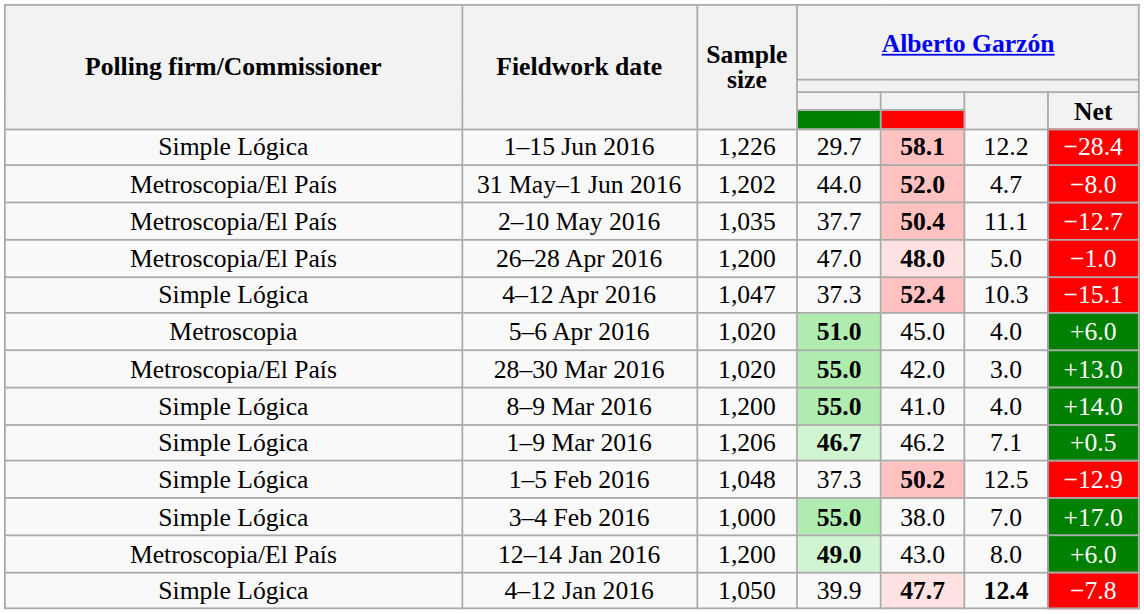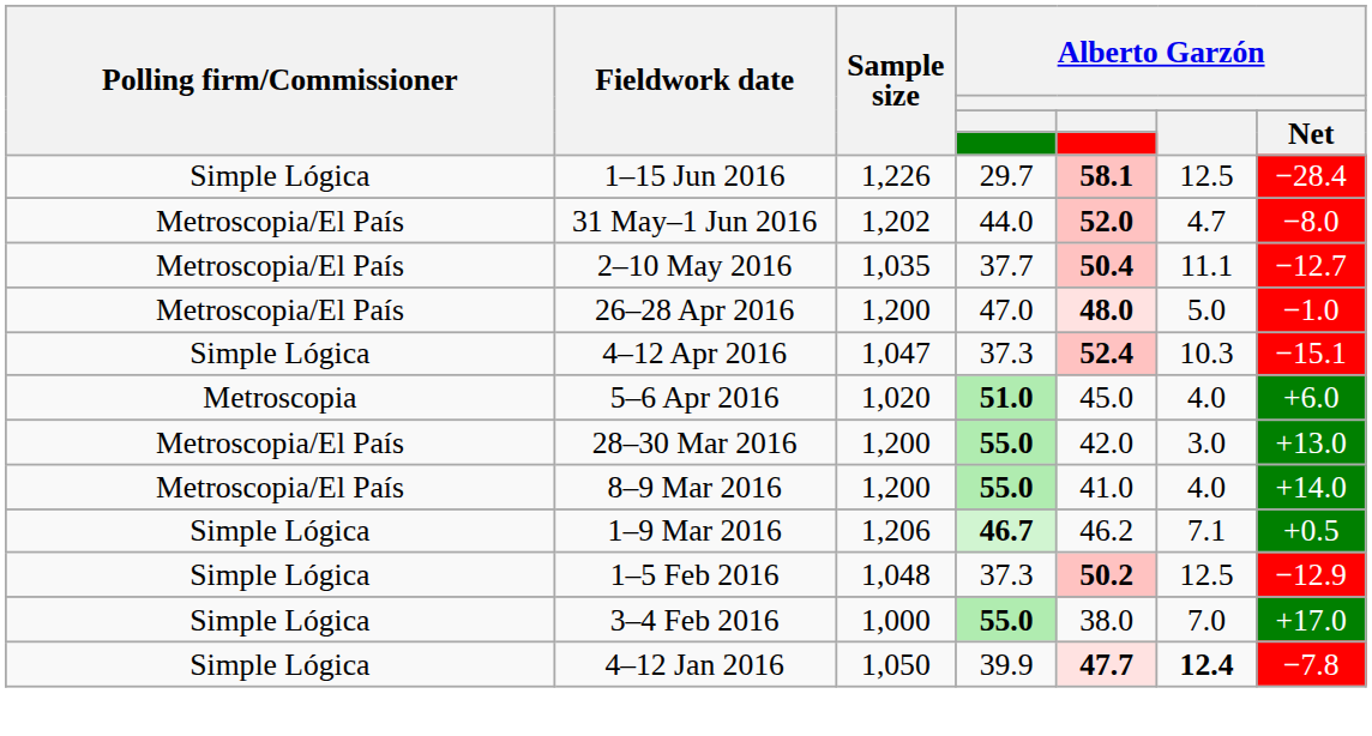 <table class="wikitable collapsible collapsed" style="text-align:center; font-size:90%; line-height:14px;">
 <tr style="height:42px;">
 <th style="width:250px;" rowspan="4">Polling firm/Commissioner</th>
 <th style="width:125px;" rowspan="4">Fieldwork date</th>
 <th style="width:50px;" rowspan="4">Sample size</th>
 <th style="width:185px;" colspan="4"><a href='#'>Alberto Garzón</a><br></th>
 </tr>
 <tr>
 <th colspan="4" style="background:"></th>
 </tr>
 <tr>
 <th style="width:30px;"></th>
 <th style="width:30px;"></th>
 <th style="width:30px;" rowspan="2"></th>
 <th style="width:30px;" rowspan="2">Net</th>
 </tr>
 <tr>
 <th style="color:inherit;background:#008000;"></th>
 <th style="color:inherit;background:#FF0000;"></th>
 </tr>
 <tr>
 <td>Simple Lógica</td>
 <td>1–15 Jun 2016</td>
 <td>1,226</td>
 <td>29.7</td>
 <td style="background:#FFC2C1;"><strong>58.1</strong></td>
-<td>12.2</td>
+<td>12.5</td>
 <td style="background:#FF0000; color:white;">−28.4</td>
 </tr>
 <tr>
 <td>Metroscopia/El País</td>
 <td>31 May–1 Jun 2016</td>
 <td>1,202</td>
 <td>44.0</td>
 <td style="background:#FFC2C1;"><strong>52.0</strong></td>
 <td>4.7</td>
 <td style="background:#FF0000; color:white;">−8.0</td>
 </tr>
 <tr>
 <td>Metroscopia/El País</td>
 <td>2–10 May 2016</td>
 <td>1,035</td>
 <td>37.7</td>
 <td style="background:#FFC2C1;"><strong>50.4</strong></td>
 <td>11.1</td>
 <td style="background:#FF0000; color:white;">−12.7</td>
 </tr>
 <tr>
 <td>Metroscopia/El País</td>
 <td>26–28 Apr 2016</td>
 <td>1,200</td>
 <td>47.0</td>
 <td style="background:#FFE2E1;"><strong>48.0</strong></td>
 <td>5.0</td>
 <td style="background:#FF0000; color:white;">−1.0</td>
 </tr>
 <tr>
 <td>Simple Lógica</td>
 <td>4–12 Apr 2016</td>
 <td>1,047</td>
 <td>37.3</td>
 <td style="background:#FFC2C1;"><strong>52.4</strong></td>
 <td>10.3</td>
 <td style="background:#FF0000; color:white;">−15.1</td>
 </tr>
 <tr>
 <td>Metroscopia</td>
 <td>5–6 Apr 2016</td>
 <td>1,020</td>
 <td style="background:#B0ECB0;"><strong>51.0</strong></td>
 <td>45.0</td>
 <td>4.0</td>
 <td style="background:#008000; color:white;">+6.0</td>
 </tr>
 <tr>
 <td>Metroscopia/El País</td>
 <td>28–30 Mar 2016</td>
-<td>1,020</td>
+<td>1,200</td>
 <td style="background:#B0ECB0;"><strong>55.0</strong></td>
 <td>42.0</td>
 <td>3.0</td>
 <td style="background:#008000; color:white;">+13.0</td>
 </tr>
 <tr>
-<td>Simple Lógica</td>
+<td>Metroscopia/El País</td>
 <td>8–9 Mar 2016</td>
 <td>1,200</td>
 <td style="background:#B0ECB0;"><strong>55.0</strong></td>
 <td>41.0</td>
 <td>4.0</td>
 <td style="background:#008000; color:white;">+14.0</td>
 </tr>
 <tr>
 <td>Simple Lógica</td>
 <td>1–9 Mar 2016</td>
 <td>1,206</td>
 <td style="background:#D1F5D1;"><strong>46.7</strong></td>
 <td>46.2</td>
 <td>7.1</td>
 <td style="background:#008000; color:white;">+0.5</td>
 </tr>
 <tr>
 <td>Simple Lógica</td>
 <td>1–5 Feb 2016</td>
 <td>1,048</td>
 <td>37.3</td>
 <td style="background:#FFC2C1;"><strong>50.2</strong></td>
 <td>12.5</td>
 <td style="background:#FF0000; color:white;">−12.9</td>
 </tr>
 <tr>
 <td>Simple Lógica</td>
 <td>3–4 Feb 2016</td>
 <td>1,000</td>
 <td style="background:#B0ECB0;"><strong>55.0</strong></td>
 <td>38.0</td>
 <td>7.0</td>
 <td style="background:#008000; color:white;">+17.0</td>
 </tr>
 <tr>
-<td>Metroscopia/El País</td>
-<td>12–14 Jan 2016</td>
-<td>1,200</td>
-<td style="background:#D1F5D1;"><strong>49.0</strong></td>
-<td>43.0</td>
-<td>8.0</td>
-<td style="background:#008000; color:white;">+6.0</td>
-</tr>
-<tr>
 <td>Simple Lógica</td>
 <td>4–12 Jan 2016</td>
 <td>1,050</td>
 <td>39.9</td>
 <td style="background:#FFE2E1;"><strong>47.7</strong></td>
 <td><strong>12.4</strong></td>
 <td style="background:#FF0000; color:white;">−7.8</td>
 </tr>
 </table>
